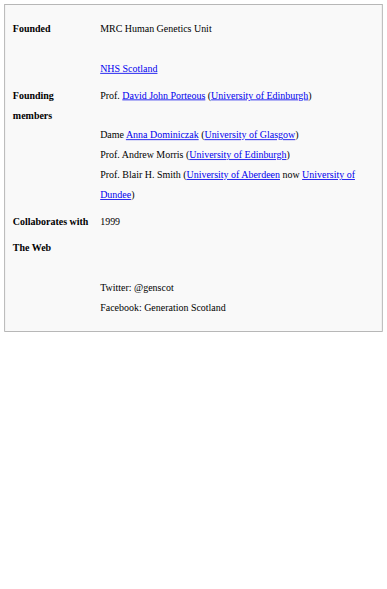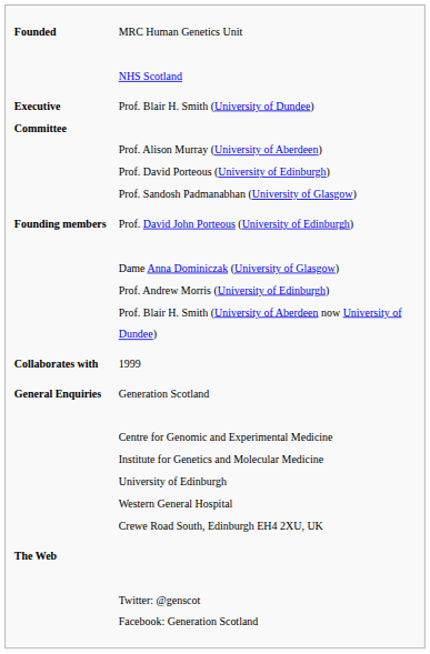 <table class="infobox" cellspacing="6" style="width: 38em; text-align: left; font-size: 75%; line-height: 2em;">
 <tr>
 <td colspan="2" style="text-align:center;"></td>
 </tr>
 <tr>
 <th>Founded</th>
 <td>MRC Human Genetics Unit<br><br><a href='#'>NHS Scotland</a><br> </td>
+</tr>
+<tr>
+<th>Executive Committee</th>
+<td>Prof. Blair H. Smith (<a href='#'>University of Dundee</a>)<br><br>Prof. Alison Murray (<a href='#'>University of Aberdeen</a>)<br> Prof. David Porteous (<a href='#'>University of Edinburgh</a>)<br> Prof. Sandosh Padmanabhan (<a href='#'>University of Glasgow</a>)</td>
 </tr>
 <tr>
 <th>Founding members</th>
 <td>Prof. <a href='#'>David John Porteous</a> (<a href='#'>University of Edinburgh</a>)<br><br>Dame <a href='#'>Anna Dominiczak</a> (<a href='#'>University of Glasgow</a>)<br> Prof. Andrew Morris (<a href='#'>University of Edinburgh</a>)<br> Prof. Blair H. Smith (<a href='#'>University of Aberdeen</a> now <a href='#'>University of Dundee</a>)</td>
 </tr>
 <tr>
 <th>Collaborates with</th>
 <td>1999</td>
 </tr>
 <tr>
+<th>General Enquiries</th>
+<td>Generation Scotland<br><br>Centre for Genomic and Experimental Medicine<br> Institute for Genetics and Molecular Medicine<br> University of Edinburgh<br> Western General Hospital<br> Crewe Road South, Edinburgh EH4 2XU, UK</td>
+</tr>
+<tr>
 <th>The Web</th>
 <td><br><br>Twitter: @genscot<br> Facebook: Generation Scotland</td>
 </tr>
 <tr>
 </tr>
 </table>
